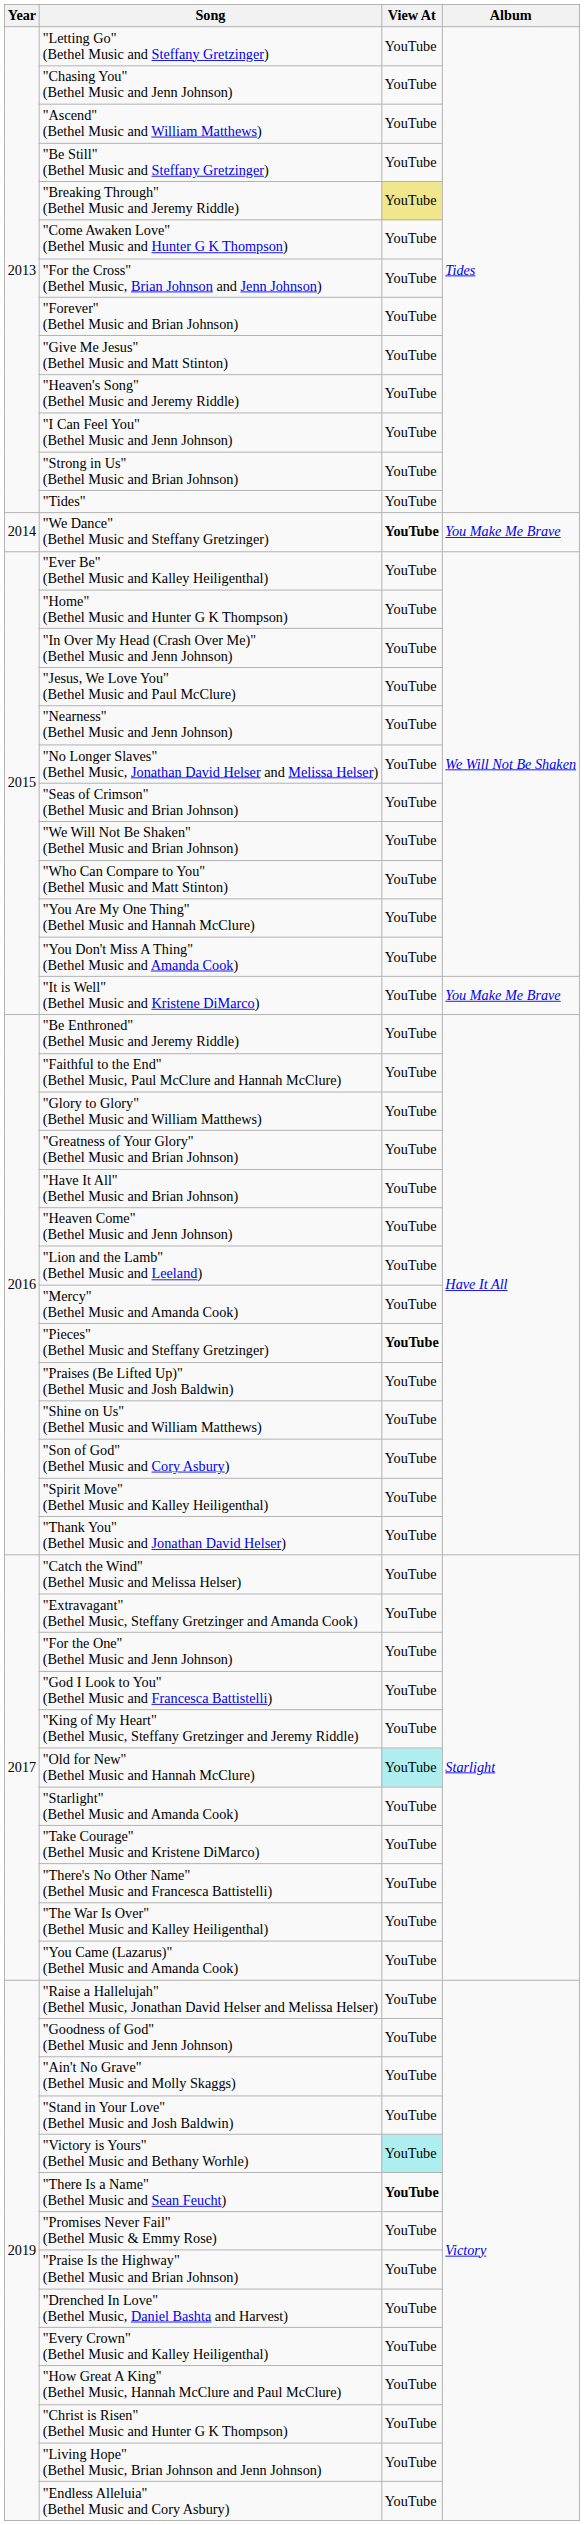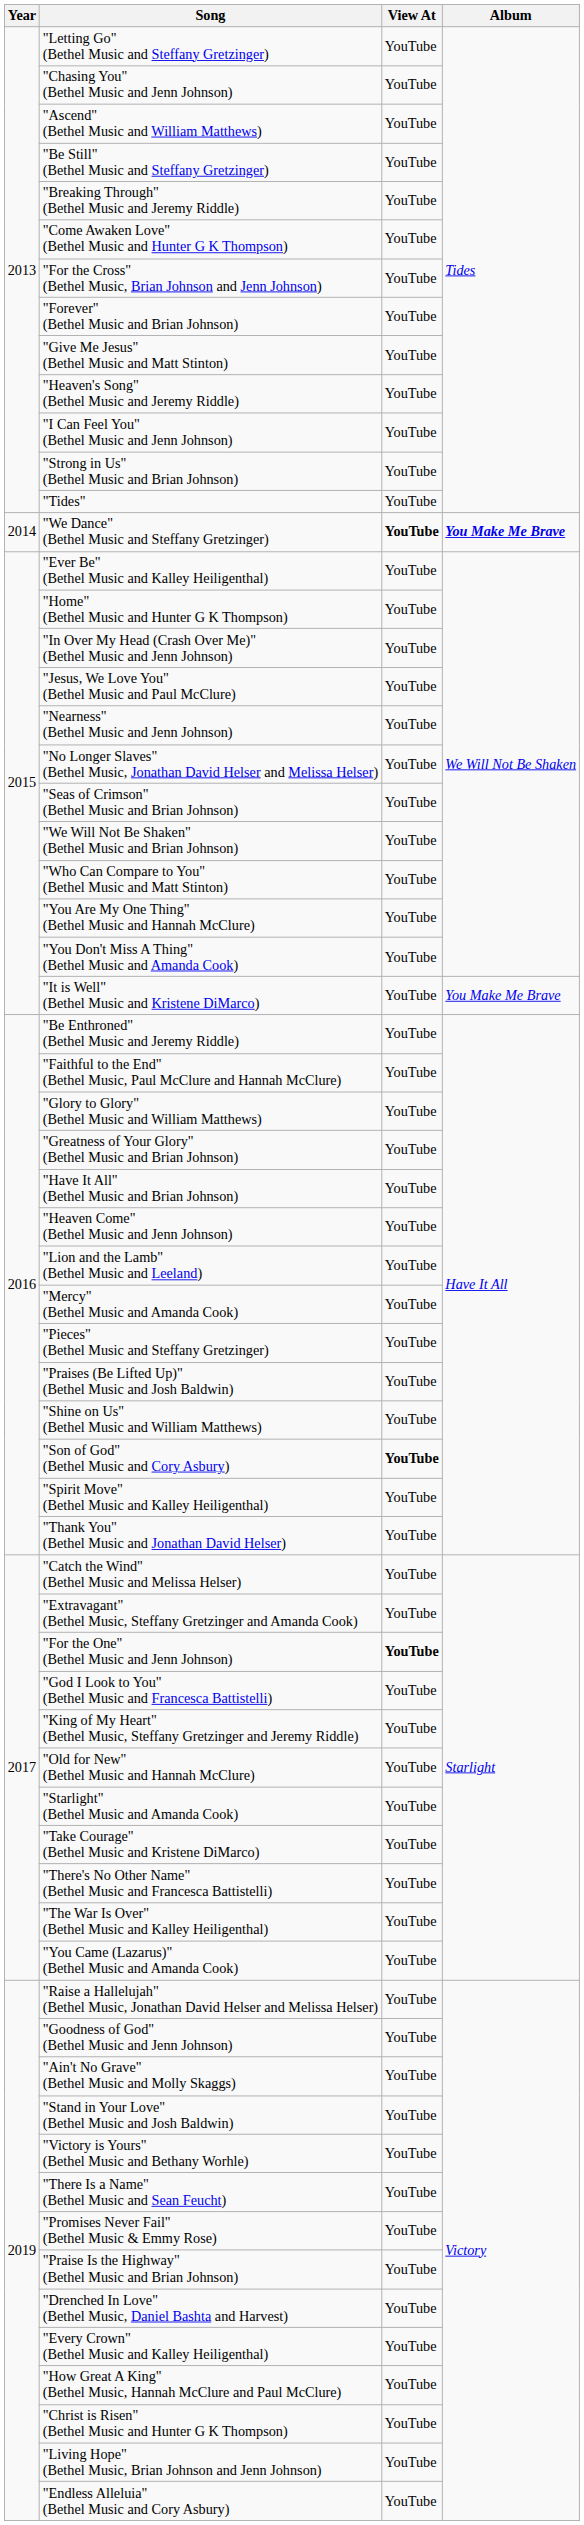 <table class="wikitable plainrowheaders">
 <tr>
 <th scope="col">Year</th>
 <th scope="col">Song</th>
 <th scope="col">View At</th>
 <th scope="col">Album</th>
 </tr>
 <tr>
 <td rowspan="13">2013</td>
 <td>"Letting Go"<br>(Bethel Music and <a href='#'>Steffany Gretzinger</a>)</td>
 <td>YouTube</td>
 <td rowspan="13"><em><a href='#'>Tides</a></em></td>
 </tr>
 <tr>
 <td>"Chasing You"<br>(Bethel Music and Jenn Johnson)</td>
 <td>YouTube</td>
 </tr>
 <tr>
 <td>"Ascend"<br>(Bethel Music and <a href='#'>William Matthews</a>)</td>
 <td>YouTube</td>
 </tr>
 <tr>
 <td>"Be Still"<br>(Bethel Music and <a href='#'>Steffany Gretzinger</a>)</td>
 <td>YouTube</td>
 </tr>
 <tr>
 <td>"Breaking Through"<br>(Bethel Music and Jeremy Riddle)</td>
-<td style="background: khaki;">YouTube</td>
+<td>YouTube</td>
 </tr>
 <tr>
 <td>"Come Awaken Love"<br>(Bethel Music and <a href='#'>Hunter G K Thompson</a>)</td>
 <td>YouTube</td>
 </tr>
 <tr>
 <td>"For the Cross"<br>(Bethel Music, <a href='#'>Brian Johnson</a> and <a href='#'>Jenn Johnson</a>)</td>
 <td>YouTube</td>
 </tr>
 <tr>
 <td>"Forever"<br>(Bethel Music and Brian Johnson)</td>
 <td>YouTube</td>
 </tr>
 <tr>
 <td>"Give Me Jesus"<br>(Bethel Music and Matt Stinton)</td>
 <td>YouTube</td>
 </tr>
 <tr>
 <td>"Heaven's Song"<br>(Bethel Music and Jeremy Riddle)</td>
 <td>YouTube</td>
 </tr>
 <tr>
 <td>"I Can Feel You"<br>(Bethel Music and Jenn Johnson)</td>
 <td>YouTube</td>
 </tr>
 <tr>
 <td>"Strong in Us"<br>(Bethel Music and Brian Johnson)</td>
 <td>YouTube</td>
 </tr>
 <tr>
 <td>"Tides"</td>
 <td>YouTube</td>
 </tr>
 <tr>
 <td>2014</td>
 <td>"We Dance"<br>(Bethel Music and Steffany Gretzinger)</td>
 <td><strong>YouTube</strong></td>
-<td><em><a href='#'>You Make Me Brave</a></em></td>
+<td><strong><em><a href='#'>You Make Me Brave</a></em></strong></td>
 </tr>
 <tr>
 <td rowspan="12">2015</td>
 <td>"Ever Be"<br>(Bethel Music and Kalley Heiligenthal)</td>
 <td>YouTube</td>
 <td rowspan="11"><em><a href='#'>We Will Not Be Shaken</a></em></td>
 </tr>
 <tr>
 <td>"Home"<br>(Bethel Music and Hunter G K Thompson)</td>
 <td>YouTube</td>
 </tr>
 <tr>
 <td>"In Over My Head (Crash Over Me)"<br>(Bethel Music and Jenn Johnson)</td>
 <td>YouTube</td>
 </tr>
 <tr>
 <td>"Jesus, We Love You"<br>(Bethel Music and Paul McClure)</td>
 <td>YouTube</td>
 </tr>
 <tr>
 <td>"Nearness"<br>(Bethel Music and Jenn Johnson)</td>
 <td>YouTube</td>
 </tr>
 <tr>
 <td>"No Longer Slaves"<br>(Bethel Music, <a href='#'>Jonathan David Helser</a> and <a href='#'>Melissa Helser</a>)</td>
 <td>YouTube</td>
 </tr>
 <tr>
 <td>"Seas of Crimson"<br>(Bethel Music and Brian Johnson)</td>
 <td>YouTube</td>
 </tr>
 <tr>
 <td>"We Will Not Be Shaken"<br>(Bethel Music and Brian Johnson)</td>
 <td>YouTube</td>
 </tr>
 <tr>
 <td>"Who Can Compare to You"<br>(Bethel Music and Matt Stinton)</td>
 <td>YouTube</td>
 </tr>
 <tr>
 <td>"You Are My One Thing"<br>(Bethel Music and Hannah McClure)</td>
 <td>YouTube</td>
 </tr>
 <tr>
 <td>"You Don't Miss A Thing"<br>(Bethel Music and <a href='#'>Amanda Cook</a>)</td>
 <td>YouTube</td>
 </tr>
 <tr>
 <td>"It is Well"<br>(Bethel Music and <a href='#'>Kristene DiMarco</a>)</td>
 <td>YouTube</td>
 <td><em><a href='#'>You Make Me Brave</a></em></td>
 </tr>
 <tr>
 <td rowspan="14">2016</td>
 <td>"Be Enthroned"<br>(Bethel Music and Jeremy Riddle)</td>
 <td>YouTube</td>
 <td rowspan="14"><em><a href='#'>Have It All</a></em></td>
 </tr>
 <tr>
 <td>"Faithful to the End"<br>(Bethel Music, Paul McClure and Hannah McClure)</td>
 <td>YouTube</td>
 </tr>
 <tr>
 <td>"Glory to Glory"<br>(Bethel Music and William Matthews)</td>
 <td>YouTube</td>
 </tr>
 <tr>
 <td>"Greatness of Your Glory"<br>(Bethel Music and Brian Johnson)</td>
 <td>YouTube</td>
 </tr>
 <tr>
 <td>"Have It All"<br>(Bethel Music and Brian Johnson)</td>
 <td>YouTube</td>
 </tr>
 <tr>
 <td>"Heaven Come"<br>(Bethel Music and Jenn Johnson)</td>
 <td>YouTube</td>
 </tr>
 <tr>
 <td>"Lion and the Lamb"<br>(Bethel Music and <a href='#'>Leeland</a>)</td>
 <td>YouTube</td>
 </tr>
 <tr>
 <td>"Mercy"<br>(Bethel Music and Amanda Cook)</td>
 <td>YouTube</td>
 </tr>
 <tr>
 <td>"Pieces"<br>(Bethel Music and Steffany Gretzinger)</td>
-<td><strong>YouTube</strong></td>
+<td>YouTube</td>
 </tr>
 <tr>
 <td>"Praises (Be Lifted Up)"<br>(Bethel Music and Josh Baldwin)</td>
 <td>YouTube</td>
 </tr>
 <tr>
 <td>"Shine on Us"<br>(Bethel Music and William Matthews)</td>
 <td>YouTube</td>
 </tr>
 <tr>
 <td>"Son of God"<br>(Bethel Music and <a href='#'>Cory Asbury</a>)</td>
-<td>YouTube</td>
+<td><strong>YouTube</strong></td>
 </tr>
 <tr>
 <td>"Spirit Move"<br>(Bethel Music and Kalley Heiligenthal)</td>
 <td>YouTube</td>
 </tr>
 <tr>
 <td>"Thank You"<br>(Bethel Music and <a href='#'>Jonathan David Helser</a>)</td>
 <td>YouTube</td>
 </tr>
 <tr>
 <td rowspan="11">2017</td>
 <td>"Catch the Wind"<br>(Bethel Music and Melissa Helser)</td>
 <td>YouTube</td>
 <td rowspan="11"><em><a href='#'>Starlight</a></em></td>
 </tr>
 <tr>
 <td>"Extravagant"<br>(Bethel Music, Steffany Gretzinger and Amanda Cook)</td>
 <td>YouTube</td>
 </tr>
 <tr>
 <td>"For the One"<br>(Bethel Music and Jenn Johnson)</td>
-<td>YouTube</td>
+<td><strong>YouTube</strong></td>
 </tr>
 <tr>
 <td>"God I Look to You"<br>(Bethel Music and <a href='#'>Francesca Battistelli</a>)</td>
 <td>YouTube</td>
 </tr>
 <tr>
 <td>"King of My Heart"<br>(Bethel Music, Steffany Gretzinger and Jeremy Riddle)</td>
 <td>YouTube</td>
 </tr>
 <tr>
 <td>"Old for New"<br>(Bethel Music and Hannah McClure)</td>
-<td style="background: paleturquoise;">YouTube</td>
+<td>YouTube</td>
 </tr>
 <tr>
 <td>"Starlight"<br>(Bethel Music and Amanda Cook)</td>
 <td>YouTube</td>
 </tr>
 <tr>
 <td>"Take Courage"<br>(Bethel Music and Kristene DiMarco)</td>
 <td>YouTube</td>
 </tr>
 <tr>
 <td>"There's No Other Name"<br>(Bethel Music and Francesca Battistelli)</td>
 <td>YouTube</td>
 </tr>
 <tr>
 <td>"The War Is Over"<br>(Bethel Music and Kalley Heiligenthal)</td>
 <td>YouTube</td>
 </tr>
 <tr>
 <td>"You Came (Lazarus)"<br>(Bethel Music and Amanda Cook)</td>
 <td>YouTube</td>
 </tr>
 <tr>
 <td rowspan="14">2019</td>
 <td>"Raise a Hallelujah"<br>(Bethel Music, Jonathan David Helser and Melissa Helser)</td>
 <td>YouTube</td>
 <td rowspan="14"><a href='#'><em>Victory</em></a></td>
 </tr>
 <tr>
 <td>"Goodness of God"<br>(Bethel Music and Jenn Johnson)</td>
 <td>YouTube</td>
 </tr>
 <tr>
 <td>"Ain't No Grave"<br>(Bethel Music and Molly Skaggs)</td>
 <td>YouTube</td>
 </tr>
 <tr>
 <td>"Stand in Your Love"<br>(Bethel Music and Josh Baldwin)</td>
 <td>YouTube</td>
 </tr>
 <tr>
 <td>"Victory is Yours"<br>(Bethel Music and Bethany Worhle)</td>
-<td style="background: paleturquoise;">YouTube</td>
+<td>YouTube</td>
 </tr>
 <tr>
 <td>"There Is a Name"<br>(Bethel Music and <a href='#'>Sean Feucht</a>)</td>
-<td><strong>YouTube</strong></td>
+<td>YouTube</td>
 </tr>
 <tr>
 <td>"Promises Never Fail"<br>(Bethel Music & Emmy Rose)</td>
 <td>YouTube</td>
 </tr>
 <tr>
 <td>"Praise Is the Highway"<br>(Bethel Music and Brian Johnson)</td>
 <td>YouTube</td>
 </tr>
 <tr>
 <td>"Drenched In Love"<br>(Bethel Music, <a href='#'>Daniel Bashta</a> and Harvest)</td>
 <td>YouTube</td>
 </tr>
 <tr>
 <td>"Every Crown"<br>(Bethel Music and Kalley Heiligenthal)</td>
 <td>YouTube</td>
 </tr>
 <tr>
 <td>"How Great A King"<br>(Bethel Music, Hannah McClure and Paul McClure)</td>
 <td>YouTube</td>
 </tr>
 <tr>
 <td>"Christ is Risen"<br>(Bethel Music and Hunter G K Thompson)</td>
 <td>YouTube</td>
 </tr>
 <tr>
 <td>"Living Hope"<br>(Bethel Music, Brian Johnson and Jenn Johnson)</td>
 <td>YouTube</td>
 </tr>
 <tr>
 <td>"Endless Alleluia"<br>(Bethel Music and Cory Asbury)</td>
 <td>YouTube</td>
 </tr>
 </table>
